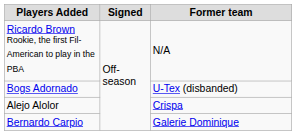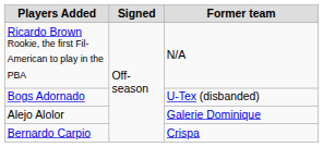 <table class="wikitable sortable sortable">
 <tr align="center" bgcolor="#dddddd">
 <td style="width:140px"><strong>Players Added</strong></td>
 <td style="width:70px"><strong>Signed</strong></td>
 <td style="width:210px"><strong>Former team</strong></td>
 </tr>
 <tr>
 <td><a href='#'>Ricardo Brown</a> <sup>Rookie, the first Fil-American to play in the PBA</sup></td>
 <td rowspan="4">Off-season</td>
 <td>N/A</td>
 </tr>
 <tr>
 <td><a href='#'>Bogs Adornado</a></td>
 <td><a href='#'>U-Tex</a> (disbanded)</td>
 </tr>
 <tr>
 <td>Alejo Alolor</td>
-<td><a href='#'>Crispa</a></td>
+<td><a href='#'>Galerie Dominique</a></td>
 </tr>
 <tr>
 <td><a href='#'>Bernardo Carpio</a></td>
-<td><a href='#'>Galerie Dominique</a></td>
+<td><a href='#'>Crispa</a></td>
 </tr>
 </table>
